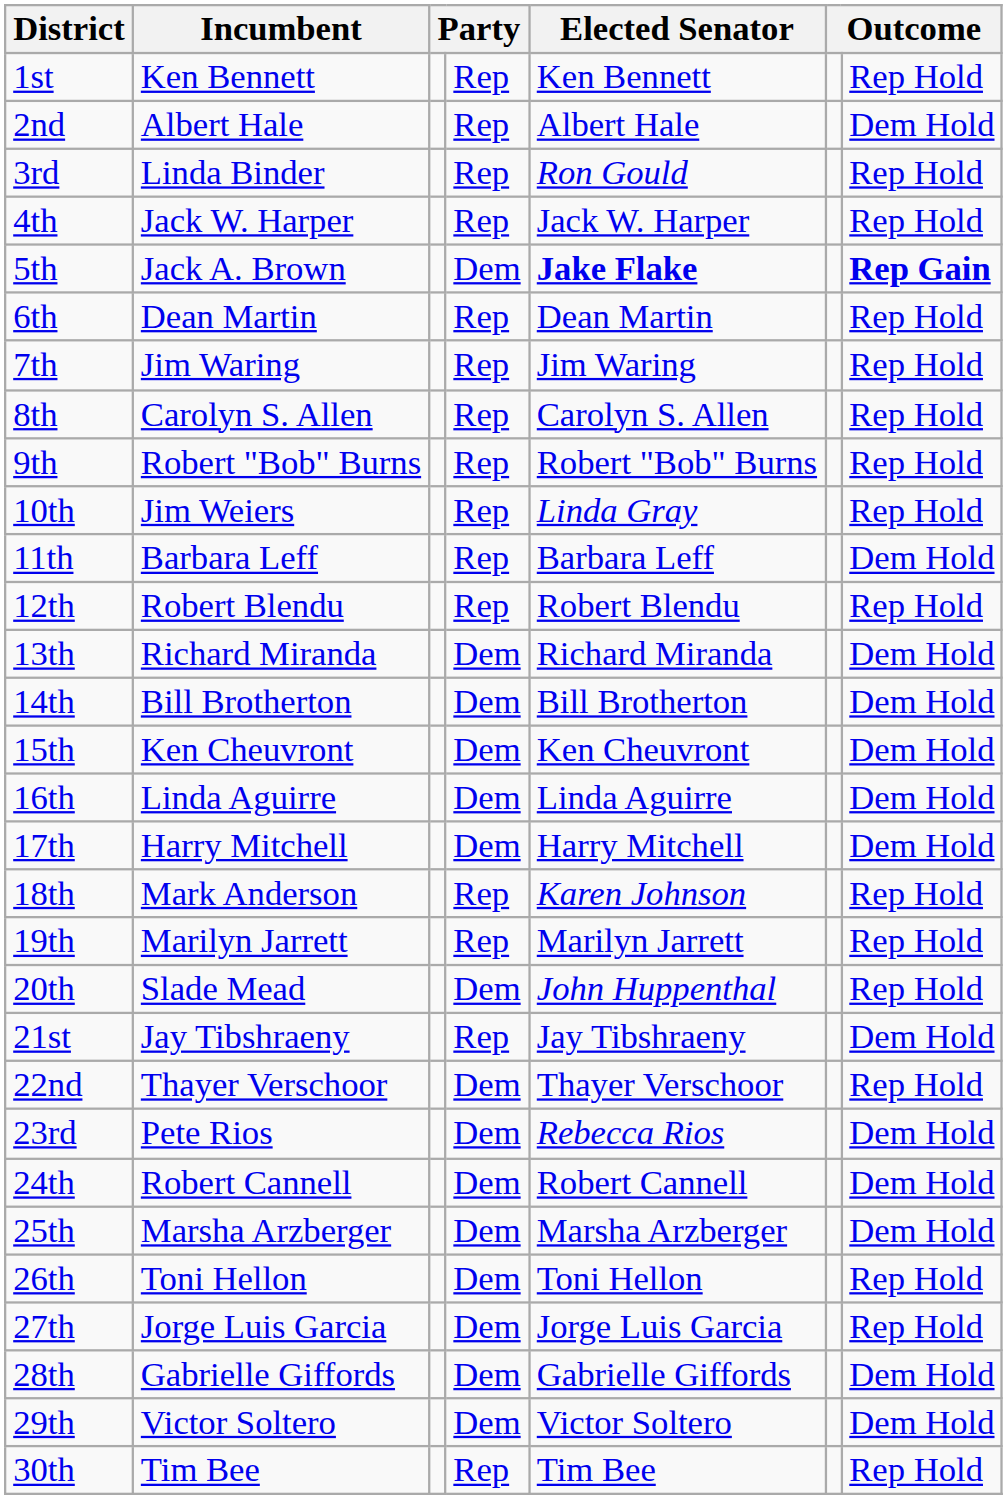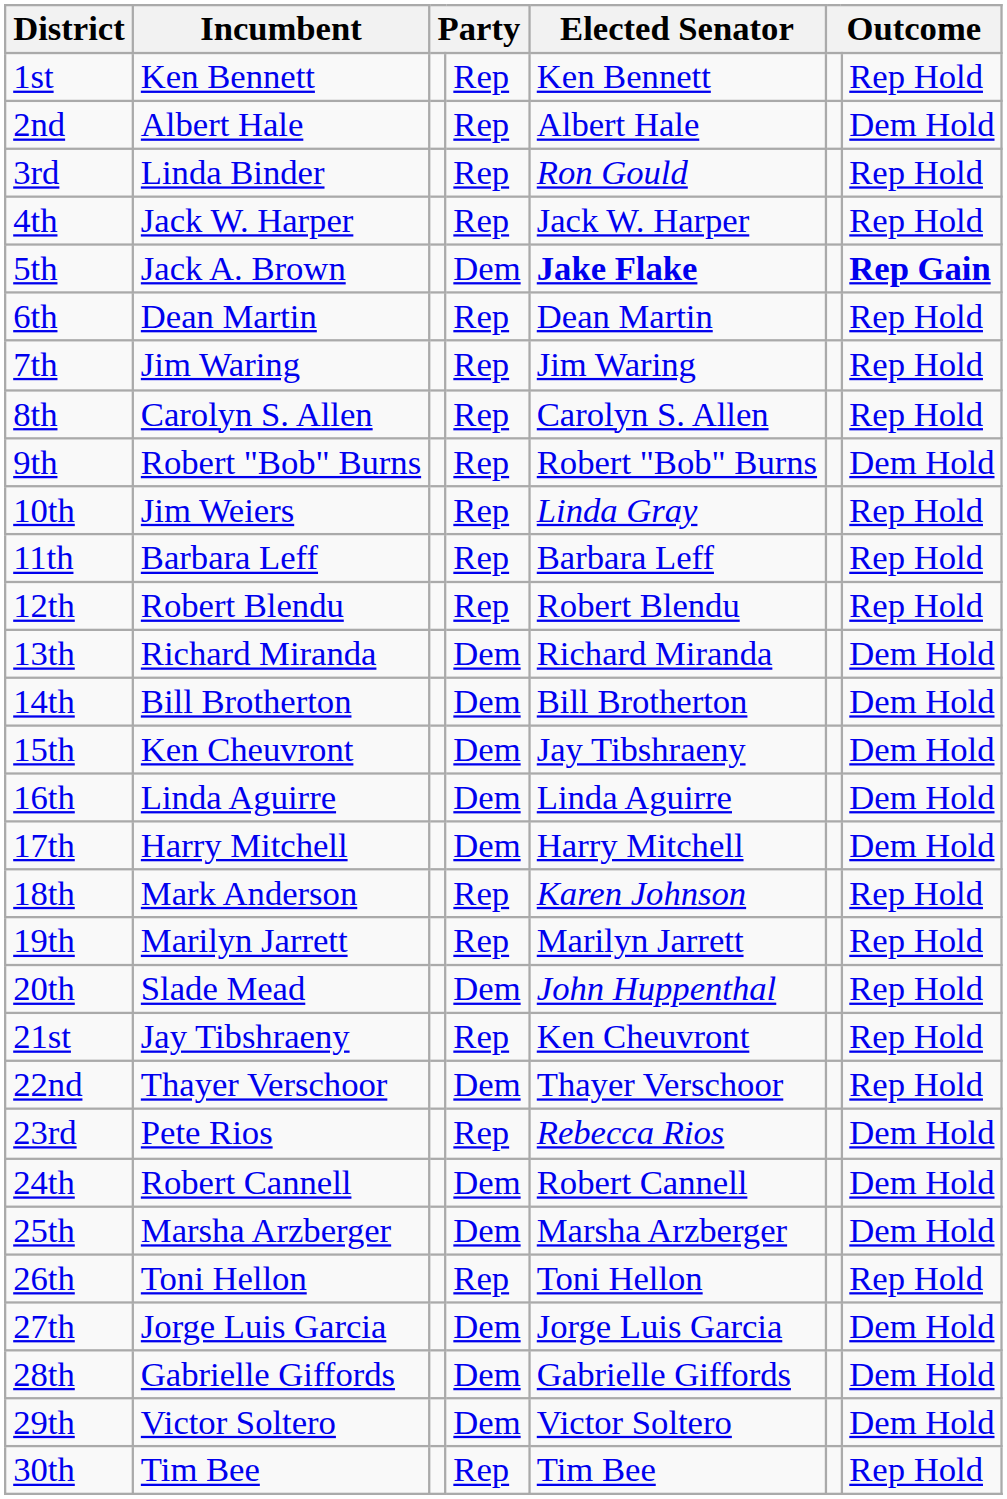 <table class="sortable wikitable" style="font-size:95%;line-height:14px;">
 <tr>
 <th>District</th>
 <th>Incumbent</th>
 <th colspan="2">Party</th>
 <th>Elected Senator</th>
 <th colspan="2">Outcome</th>
 </tr>
 <tr>
 <td><a href='#'>1st</a></td>
 <td><a href='#'>Ken Bennett</a></td>
 <td style="background:"></td>
 <td><a href='#'>Rep</a></td>
 <td><a href='#'>Ken Bennett</a></td>
 <td style="background:"></td>
 <td><a href='#'>Rep Hold</a></td>
 </tr>
 <tr>
 <td><a href='#'>2nd</a></td>
 <td><a href='#'>Albert Hale</a></td>
 <td style="background:"></td>
 <td><a href='#'>Rep</a></td>
 <td><a href='#'>Albert Hale</a></td>
 <td style="background:"></td>
 <td><a href='#'>Dem Hold</a></td>
 </tr>
 <tr>
 <td><a href='#'>3rd</a></td>
 <td><a href='#'>Linda Binder</a></td>
 <td style="background:"></td>
 <td><a href='#'>Rep</a></td>
 <td><em><a href='#'>Ron Gould</a></em></td>
 <td style="background:"></td>
 <td><a href='#'>Rep Hold</a></td>
 </tr>
 <tr>
 <td><a href='#'>4th</a></td>
 <td><a href='#'>Jack W. Harper</a></td>
 <td style="background:"></td>
 <td><a href='#'>Rep</a></td>
 <td><a href='#'>Jack W. Harper</a></td>
 <td style="background:"></td>
 <td><a href='#'>Rep Hold</a></td>
 </tr>
 <tr>
 <td><a href='#'>5th</a></td>
 <td><a href='#'>Jack A. Brown</a></td>
 <td style="background:"></td>
 <td><a href='#'>Dem</a></td>
 <td><strong><a href='#'>Jake Flake</a></strong></td>
 <td style="background:"></td>
 <td><strong><a href='#'>Rep Gain</a></strong></td>
 </tr>
 <tr>
 <td><a href='#'>6th</a></td>
 <td><a href='#'>Dean Martin</a></td>
 <td style="background:"></td>
 <td><a href='#'>Rep</a></td>
 <td><a href='#'>Dean Martin</a></td>
 <td style="background:"></td>
 <td><a href='#'>Rep Hold</a></td>
 </tr>
 <tr>
 <td><a href='#'>7th</a></td>
 <td><a href='#'>Jim Waring</a></td>
 <td style="background:"></td>
 <td><a href='#'>Rep</a></td>
 <td><a href='#'>Jim Waring</a></td>
 <td style="background:"></td>
 <td><a href='#'>Rep Hold</a></td>
 </tr>
 <tr>
 <td><a href='#'>8th</a></td>
 <td><a href='#'>Carolyn S. Allen</a></td>
 <td style="background:"></td>
 <td><a href='#'>Rep</a></td>
 <td><a href='#'>Carolyn S. Allen</a></td>
 <td style="background:"></td>
 <td><a href='#'>Rep Hold</a></td>
 </tr>
 <tr>
 <td><a href='#'>9th</a></td>
 <td><a href='#'>Robert "Bob" Burns</a></td>
 <td style="background:"></td>
 <td><a href='#'>Rep</a></td>
 <td><a href='#'>Robert "Bob" Burns</a></td>
 <td style="background:"></td>
-<td><a href='#'>Rep Hold</a></td>
+<td><a href='#'>Dem Hold</a></td>
 </tr>
 <tr>
 <td><a href='#'>10th</a></td>
 <td><a href='#'>Jim Weiers</a></td>
 <td style="background:"></td>
 <td><a href='#'>Rep</a></td>
 <td><em><a href='#'>Linda Gray</a></em></td>
 <td style="background:"></td>
 <td><a href='#'>Rep Hold</a></td>
 </tr>
 <tr>
 <td><a href='#'>11th</a></td>
 <td><a href='#'>Barbara Leff</a></td>
 <td style="background:"></td>
 <td><a href='#'>Rep</a></td>
 <td><a href='#'>Barbara Leff</a></td>
 <td style="background:"></td>
-<td><a href='#'>Dem Hold</a></td>
+<td><a href='#'>Rep Hold</a></td>
 </tr>
 <tr>
 <td><a href='#'>12th</a></td>
 <td><a href='#'>Robert Blendu</a></td>
 <td style="background:"></td>
 <td><a href='#'>Rep</a></td>
 <td><a href='#'>Robert Blendu</a></td>
 <td style="background:"></td>
 <td><a href='#'>Rep Hold</a></td>
 </tr>
 <tr>
 <td><a href='#'>13th</a></td>
 <td><a href='#'>Richard Miranda</a></td>
 <td style="background:"></td>
 <td><a href='#'>Dem</a></td>
 <td><a href='#'>Richard Miranda</a></td>
 <td style="background:"></td>
 <td><a href='#'>Dem Hold</a></td>
 </tr>
 <tr>
 <td><a href='#'>14th</a></td>
 <td><a href='#'>Bill Brotherton</a></td>
 <td style="background:"></td>
 <td><a href='#'>Dem</a></td>
 <td><a href='#'>Bill Brotherton</a></td>
 <td style="background:"></td>
 <td><a href='#'>Dem Hold</a></td>
 </tr>
 <tr>
 <td><a href='#'>15th</a></td>
 <td><a href='#'>Ken Cheuvront</a></td>
 <td style="background:"></td>
 <td><a href='#'>Dem</a></td>
-<td><a href='#'>Ken Cheuvront</a></td>
+<td><a href='#'>Jay Tibshraeny</a></td>
 <td style="background:"></td>
 <td><a href='#'>Dem Hold</a></td>
 </tr>
 <tr>
 <td><a href='#'>16th</a></td>
 <td><a href='#'>Linda Aguirre</a></td>
 <td style="background:"></td>
 <td><a href='#'>Dem</a></td>
 <td><a href='#'>Linda Aguirre</a></td>
 <td style="background:"></td>
 <td><a href='#'>Dem Hold</a></td>
 </tr>
 <tr>
 <td><a href='#'>17th</a></td>
 <td><a href='#'>Harry Mitchell</a></td>
 <td style="background:"></td>
 <td><a href='#'>Dem</a></td>
 <td><a href='#'>Harry Mitchell</a></td>
 <td style="background:"></td>
 <td><a href='#'>Dem Hold</a></td>
 </tr>
 <tr>
 <td><a href='#'>18th</a></td>
 <td><a href='#'>Mark Anderson</a></td>
 <td style="background:"></td>
 <td><a href='#'>Rep</a></td>
 <td><em><a href='#'>Karen Johnson</a></em></td>
 <td style="background:"></td>
 <td><a href='#'>Rep Hold</a></td>
 </tr>
 <tr>
 <td><a href='#'>19th</a></td>
 <td><a href='#'>Marilyn Jarrett</a></td>
 <td style="background:"></td>
 <td><a href='#'>Rep</a></td>
 <td><a href='#'>Marilyn Jarrett</a></td>
 <td style="background:"></td>
 <td><a href='#'>Rep Hold</a></td>
 </tr>
 <tr>
 <td><a href='#'>20th</a></td>
 <td><a href='#'>Slade Mead</a></td>
 <td style="background:"></td>
 <td><a href='#'>Dem</a></td>
 <td><em><a href='#'>John Huppenthal</a></em></td>
 <td style="background:"></td>
 <td><a href='#'>Rep Hold</a></td>
 </tr>
 <tr>
 <td><a href='#'>21st</a></td>
 <td><a href='#'>Jay Tibshraeny</a></td>
 <td style="background:"></td>
 <td><a href='#'>Rep</a></td>
-<td><a href='#'>Jay Tibshraeny</a></td>
+<td><a href='#'>Ken Cheuvront</a></td>
 <td style="background:"></td>
-<td><a href='#'>Dem Hold</a></td>
+<td><a href='#'>Rep Hold</a></td>
 </tr>
 <tr>
 <td><a href='#'>22nd</a></td>
 <td><a href='#'>Thayer Verschoor</a></td>
 <td style="background:"></td>
 <td><a href='#'>Dem</a></td>
 <td><a href='#'>Thayer Verschoor</a></td>
 <td style="background:"></td>
 <td><a href='#'>Rep Hold</a></td>
 </tr>
 <tr>
 <td><a href='#'>23rd</a></td>
 <td><a href='#'>Pete Rios</a></td>
 <td style="background:"></td>
-<td><a href='#'>Dem</a></td>
+<td><a href='#'>Rep</a></td>
 <td><em><a href='#'>Rebecca Rios</a></em></td>
 <td style="background:"></td>
 <td><a href='#'>Dem Hold</a></td>
 </tr>
 <tr>
 <td><a href='#'>24th</a></td>
 <td><a href='#'>Robert Cannell</a></td>
 <td style="background:"></td>
 <td><a href='#'>Dem</a></td>
 <td><a href='#'>Robert Cannell</a></td>
 <td style="background:"></td>
 <td><a href='#'>Dem Hold</a></td>
 </tr>
 <tr>
 <td><a href='#'>25th</a></td>
 <td><a href='#'>Marsha Arzberger</a></td>
 <td style="background:"></td>
 <td><a href='#'>Dem</a></td>
 <td><a href='#'>Marsha Arzberger</a></td>
 <td style="background:"></td>
 <td><a href='#'>Dem Hold</a></td>
 </tr>
 <tr>
 <td><a href='#'>26th</a></td>
 <td><a href='#'>Toni Hellon</a></td>
 <td style="background:"></td>
-<td><a href='#'>Dem</a></td>
+<td><a href='#'>Rep</a></td>
 <td><a href='#'>Toni Hellon</a></td>
 <td style="background:"></td>
 <td><a href='#'>Rep Hold</a></td>
 </tr>
 <tr>
 <td><a href='#'>27th</a></td>
 <td><a href='#'>Jorge Luis Garcia</a></td>
 <td style="background:"></td>
 <td><a href='#'>Dem</a></td>
 <td><a href='#'>Jorge Luis Garcia</a></td>
 <td style="background:"></td>
-<td><a href='#'>Rep Hold</a></td>
+<td><a href='#'>Dem Hold</a></td>
 </tr>
 <tr>
 <td><a href='#'>28th</a></td>
 <td><a href='#'>Gabrielle Giffords</a></td>
 <td style="background:"></td>
 <td><a href='#'>Dem</a></td>
 <td><a href='#'>Gabrielle Giffords</a></td>
 <td style="background:"></td>
 <td><a href='#'>Dem Hold</a></td>
 </tr>
 <tr>
 <td><a href='#'>29th</a></td>
 <td><a href='#'>Victor Soltero</a></td>
 <td style="background:"></td>
 <td><a href='#'>Dem</a></td>
 <td><a href='#'>Victor Soltero</a></td>
 <td style="background:"></td>
 <td><a href='#'>Dem Hold</a></td>
 </tr>
 <tr>
 <td><a href='#'>30th</a></td>
 <td><a href='#'>Tim Bee</a></td>
 <td style="background:"></td>
 <td><a href='#'>Rep</a></td>
 <td><a href='#'>Tim Bee</a></td>
 <td style="background:"></td>
 <td><a href='#'>Rep Hold</a></td>
 </tr>
 <tr>
 </tr>
 </table>
